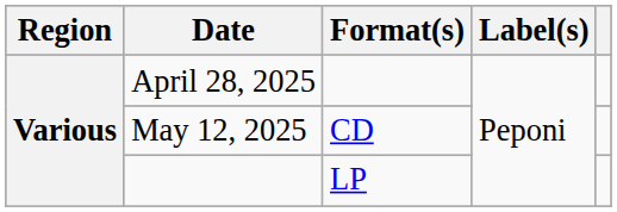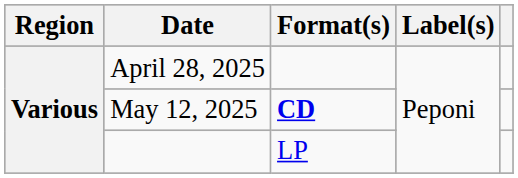 <table class="wikitable plainrowheaders">
 <tr>
 <th scope="col">Region</th>
 <th scope="col">Date</th>
 <th scope="col">Format(s)</th>
 <th scope="col">Label(s)</th>
 <th scope="col"></th>
 </tr>
 <tr>
 <th scope="row" rowspan="3">Various</th>
 <td>April 28, 2025</td>
 <td></td>
 <td rowspan="3">Peponi</td>
 <td></td>
 </tr>
 <tr>
 <td>May 12, 2025</td>
-<td><a href='#'>CD</a></td>
+<td><strong><a href='#'>CD</a></strong></td>
 <td></td>
 </tr>
 <tr>
 <td></td>
 <td><a href='#'>LP</a></td>
 <td></td>
 </tr>
 </table>
